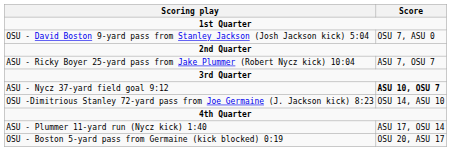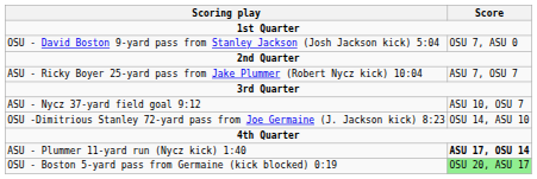 <table class="wikitable">
 <tr>
 <th>Scoring play</th>
 <th>Score</th>
 </tr>
 <tr>
 <td colspan="4" style="text-align:center;"><strong>1st Quarter</strong></td>
 </tr>
 <tr>
 <td>OSU - <a href='#'>David Boston</a> 9-yard pass from <a href='#'>Stanley Jackson</a> (Josh Jackson kick) 5:04</td>
 <td>OSU 7, ASU 0</td>
 </tr>
 <tr>
 <td colspan="4" style="text-align:center;"><strong>2nd Quarter</strong></td>
 </tr>
 <tr>
 <td>ASU - Ricky Boyer 25-yard pass from <a href='#'>Jake Plummer</a> (Robert Nycz kick) 10:04</td>
 <td>ASU 7, OSU 7</td>
 </tr>
 <tr>
 <td colspan="4" style="text-align:center;"><strong>3rd Quarter</strong></td>
 </tr>
 <tr>
 <td>ASU - Nycz 37-yard field goal 9:12</td>
-<td><strong>ASU 10, OSU 7</strong></td>
+<td>ASU 10, OSU 7</td>
 </tr>
 <tr>
 <td>OSU -Dimitrious Stanley 72-yard pass from <a href='#'>Joe Germaine</a> (J. Jackson kick) 8:23</td>
 <td>OSU 14, ASU 10</td>
 </tr>
 <tr>
 <td colspan="4" style="text-align:center;"><strong>4th Quarter</strong></td>
 </tr>
 <tr>
 <td>ASU - Plummer 11-yard run (Nycz kick) 1:40</td>
-<td>ASU 17, OSU 14</td>
+<td><strong>ASU 17, OSU 14</strong></td>
 </tr>
 <tr>
 <td>OSU - Boston 5-yard pass from Germaine (kick blocked) 0:19</td>
-<td>OSU 20, ASU 17</td>
+<td style="background: lightgreen;">OSU 20, ASU 17</td>
 </tr>
 </table>
